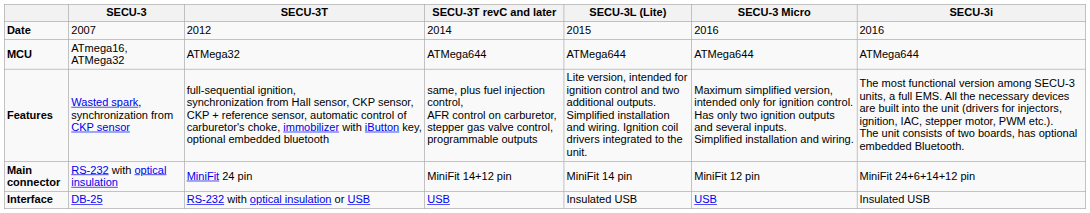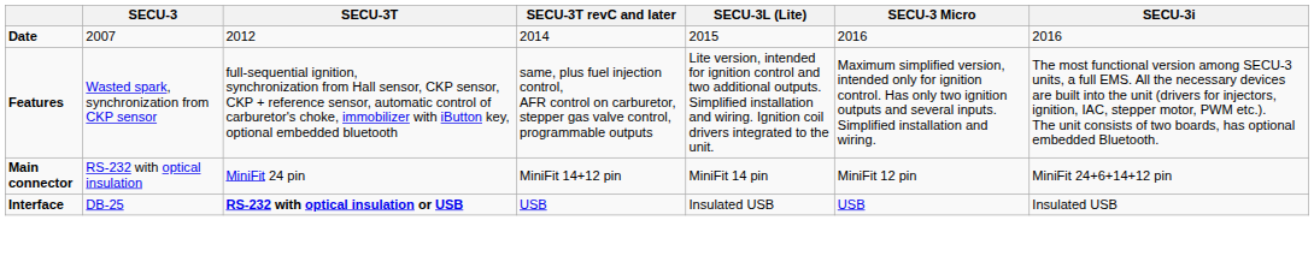 <table class="wikitable">
 <tr>
 <th></th>
 <th><strong>SECU-3</strong></th>
 <th><strong>SECU-3T</strong></th>
 <th>SECU-3T revC and later</th>
 <th>SECU-3L (Lite)</th>
 <th>SECU-3 Micro</th>
 <th>SECU-3i</th>
 </tr>
 <tr>
 <td><strong>Date</strong></td>
 <td>2007</td>
 <td>2012</td>
 <td>2014</td>
 <td>2015</td>
 <td>2016</td>
 <td>2016</td>
-</tr>
-<tr>
-<td><strong>MCU</strong></td>
-<td>ATmega16, ATMega32</td>
-<td>ATMega32</td>
-<td>ATMega644</td>
-<td>ATMega644</td>
-<td>ATMega644</td>
-<td>ATMega644</td>
 </tr>
 <tr>
 <td><strong>Features</strong></td>
 <td><a href='#'>Wasted spark</a>, synchronization from <a href='#'>CKP sensor</a></td>
 <td>full-sequential ignition,<br>synchronization from Hall sensor, CKP sensor, CKP + reference sensor, automatic control of carburetor's choke, <a href='#'>immobilizer</a> with <a href='#'>iButton</a> key, optional embedded bluetooth</td>
 <td>same, plus fuel injection control,<br>AFR control on carburetor, stepper gas valve control, programmable outputs</td>
 <td>Lite version, intended for ignition control and two additional outputs.<br>Simplified installation and wiring. Ignition coil drivers integrated to the unit.</td>
 <td>Maximum simplified version, intended only for ignition control. Has only two ignition outputs and several inputs.<br>Simplified installation and wiring.</td>
 <td>The most functional version among SECU-3 units, a full EMS. All the necessary devices are built into the unit (drivers for injectors, ignition, IAC, stepper motor, PWM etc.).<br>The unit consists of two boards, has optional embedded Bluetooth.</td>
 </tr>
 <tr>
 <td><strong>Main connector</strong></td>
 <td><a href='#'>RS-232</a> with <a href='#'>optical insulation</a></td>
 <td><a href='#'>MiniFit</a> 24 pin</td>
 <td>MiniFit 14+12 pin</td>
 <td>MiniFit 14 pin</td>
 <td>MiniFit 12 pin</td>
 <td>MiniFit 24+6+14+12 pin</td>
 </tr>
 <tr>
 <td><strong>Interface</strong></td>
 <td><a href='#'>DB-25</a></td>
-<td><a href='#'>RS-232</a> with <a href='#'>optical insulation</a> or <a href='#'>USB</a></td>
+<td><strong><a href='#'>RS-232</a> with <a href='#'>optical insulation</a> or <a href='#'>USB</a></strong></td>
 <td><a href='#'>USB</a></td>
 <td>Insulated USB</td>
 <td><a href='#'>USB</a></td>
 <td>Insulated USB</td>
 </tr>
 </table>
